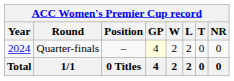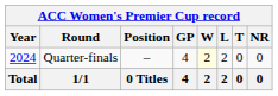 <table class="wikitable" style="text-align: center; width=900px;">
 <tr>
 <th colspan="8"><a href='#'>ACC Women's Premier Cup record</a></th>
 </tr>
 <tr>
 <th>Year</th>
 <th>Round</th>
 <th>Position</th>
 <th>GP</th>
 <th>W</th>
 <th>L</th>
 <th>T</th>
 <th>NR</th>
 </tr>
 <tr>
 <td><a href='#'>2024</a> </td>
 <td>Quarter-finals</td>
 <td>–</td>
-<td style="background: lightyellow;">4</td>
-<td>2</td>
+<td>4</td>
+<td style="background: lightyellow;">2</td>
 <td>2</td>
 <td>0</td>
 <td>0</td>
 </tr>
 <tr>
 <th>Total</th>
 <th>1/1</th>
 <th>0 Titles</th>
 <th>4</th>
 <th>2</th>
 <th>2</th>
 <th>0</th>
 <th>0</th>
 </tr>
 </table>
